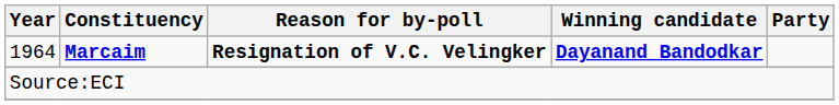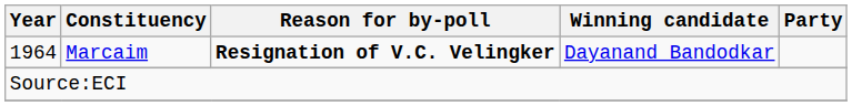 <table class="wikitable sortable">
 <tr>
 <th>Year</th>
 <th>Constituency</th>
 <th>Reason for by-poll</th>
 <th>Winning candidate</th>
 <th colspan=2>Party</th>
 </tr>
 <tr>
 <td>1964</td>
-<td><strong><a href='#'>Marcaim</a></strong></td>
+<td><a href='#'>Marcaim</a></td>
 <td><strong>Resignation of V.C. Velingker</strong></td>
-<td><strong><a href='#'>Dayanand Bandodkar</a></strong></td>
+<td><a href='#'>Dayanand Bandodkar</a></td>
 <td></td>
 </tr>
 <tr>
 </tr>
 <tr class="sortbottom">
 <td colspan=6>Source:ECI</td>
 </tr>
 <tr>
 </tr>
 </table>
